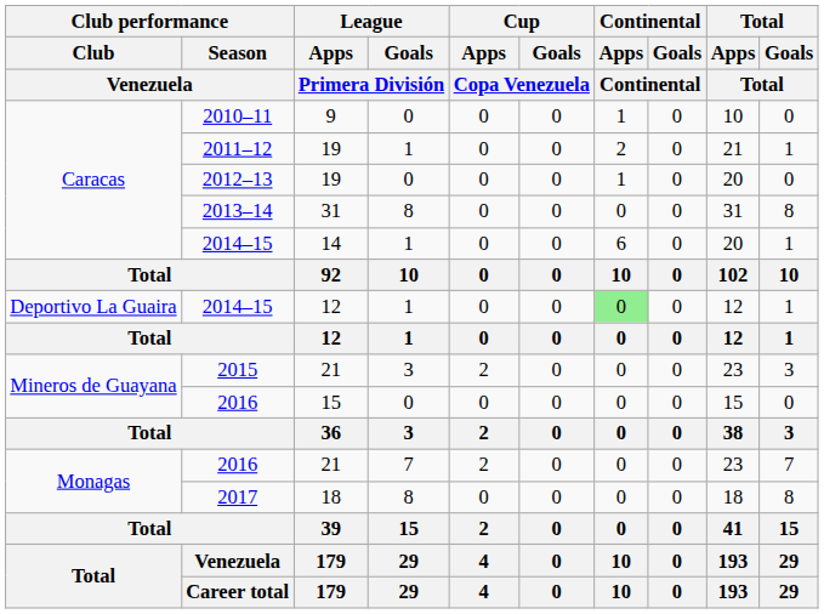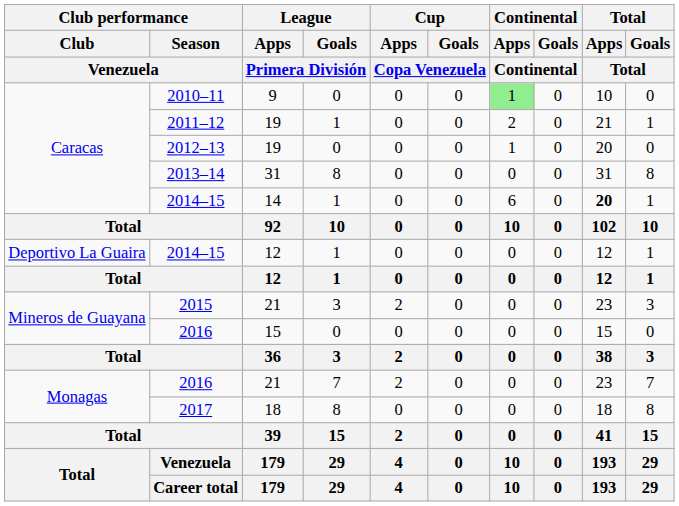 <table class="wikitable" style="text-align:center">
 <tr>
 <th colspan=3>Club performance</th>
 <th colspan=2>League</th>
 <th colspan=2>Cup</th>
 <th colspan=2>Continental</th>
 <th colspan=2>Total</th>
 </tr>
 <tr>
 <th>Club</th>
 <th colspan="2">Season</th>
 <th>Apps</th>
 <th>Goals</th>
 <th>Apps</th>
 <th>Goals</th>
 <th>Apps</th>
 <th>Goals</th>
 <th>Apps</th>
 <th>Goals</th>
 </tr>
 <tr>
 <th colspan=3>Venezuela</th>
 <th colspan=2><a href='#'>Primera División</a></th>
 <th colspan=2><a href='#'>Copa Venezuela</a></th>
 <th colspan=2>Continental</th>
 <th colspan=2>Total</th>
 </tr>
 <tr>
 <td rowspan="5"><a href='#'>Caracas</a></td>
 <td colspan="2"><a href='#'>2010–11</a></td>
 <td>9</td>
 <td>0</td>
 <td>0</td>
 <td>0</td>
-<td>1</td>
+<td style="background: lightgreen;">1</td>
 <td>0</td>
 <td>10</td>
 <td>0</td>
 </tr>
 <tr>
 <td colspan="2"><a href='#'>2011–12</a></td>
 <td>19</td>
 <td>1</td>
 <td>0</td>
 <td>0</td>
 <td>2</td>
 <td>0</td>
 <td>21</td>
 <td>1</td>
 </tr>
 <tr>
 <td colspan="2"><a href='#'>2012–13</a></td>
 <td>19</td>
 <td>0</td>
 <td>0</td>
 <td>0</td>
 <td>1</td>
 <td>0</td>
 <td>20</td>
 <td>0</td>
 </tr>
 <tr>
 <td colspan="2"><a href='#'>2013–14</a></td>
 <td>31</td>
 <td>8</td>
 <td>0</td>
 <td>0</td>
 <td>0</td>
 <td>0</td>
 <td>31</td>
 <td>8</td>
 </tr>
 <tr>
 <td colspan="2"><a href='#'>2014–15</a></td>
 <td>14</td>
 <td>1</td>
 <td>0</td>
 <td>0</td>
 <td>6</td>
 <td>0</td>
-<td>20</td>
+<td><strong>20</strong></td>
 <td>1</td>
 </tr>
 <tr>
 <th colspan="3">Total</th>
 <th>92</th>
 <th>10</th>
 <th>0</th>
 <th>0</th>
 <th>10</th>
 <th>0</th>
 <th>102</th>
 <th>10</th>
 </tr>
 <tr>
 <td><a href='#'>Deportivo La Guaira</a></td>
 <td colspan="2"><a href='#'>2014–15</a></td>
 <td>12</td>
 <td>1</td>
 <td>0</td>
 <td>0</td>
-<td style="background: lightgreen;">0</td>
+<td>0</td>
 <td>0</td>
 <td>12</td>
 <td>1</td>
 </tr>
 <tr>
 <th colspan="3">Total</th>
 <th>12</th>
 <th>1</th>
 <th>0</th>
 <th>0</th>
 <th>0</th>
 <th>0</th>
 <th>12</th>
 <th>1</th>
 </tr>
 <tr>
 <td rowspan="2"><a href='#'>Mineros de Guayana</a></td>
 <td colspan="2"><a href='#'>2015</a></td>
 <td>21</td>
 <td>3</td>
 <td>2</td>
 <td>0</td>
 <td>0</td>
 <td>0</td>
 <td>23</td>
 <td>3</td>
 </tr>
 <tr>
 <td colspan="2"><a href='#'>2016</a></td>
 <td>15</td>
 <td>0</td>
 <td>0</td>
 <td>0</td>
 <td>0</td>
 <td>0</td>
 <td>15</td>
 <td>0</td>
 </tr>
 <tr>
 <th colspan="3">Total</th>
 <th>36</th>
 <th>3</th>
 <th>2</th>
 <th>0</th>
 <th>0</th>
 <th>0</th>
 <th>38</th>
 <th>3</th>
 </tr>
 <tr>
 <td rowspan="2"><a href='#'>Monagas</a></td>
 <td colspan="2"><a href='#'>2016</a></td>
 <td>21</td>
 <td>7</td>
 <td>2</td>
 <td>0</td>
 <td>0</td>
 <td>0</td>
 <td>23</td>
 <td>7</td>
 </tr>
 <tr>
 <td colspan="2"><a href='#'>2017</a></td>
 <td>18</td>
 <td>8</td>
 <td>0</td>
 <td>0</td>
 <td>0</td>
 <td>0</td>
 <td>18</td>
 <td>8</td>
 </tr>
 <tr>
 <th colspan="3">Total</th>
 <th>39</th>
 <th>15</th>
 <th>2</th>
 <th>0</th>
 <th>0</th>
 <th>0</th>
 <th>41</th>
 <th>15</th>
 </tr>
 <tr>
 <th rowspan=2>Total</th>
 <th colspan=2>Venezuela</th>
 <th>179</th>
 <th>29</th>
 <th>4</th>
 <th>0</th>
 <th>10</th>
 <th>0</th>
 <th>193</th>
 <th>29</th>
 </tr>
 <tr>
 <th colspan=2>Career total</th>
 <th>179</th>
 <th>29</th>
 <th>4</th>
 <th>0</th>
 <th>10</th>
 <th>0</th>
 <th>193</th>
 <th>29</th>
 </tr>
 </table>
